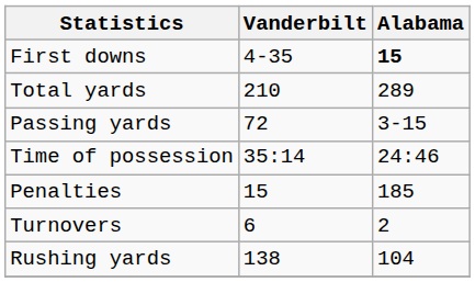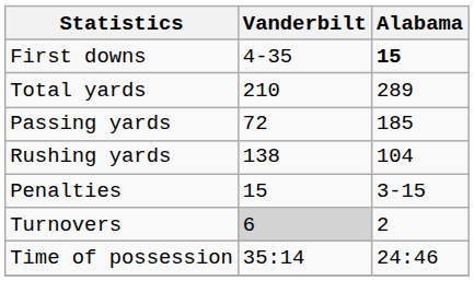 <table class="wikitable" style="float: left;">
 <tr>
 <th>Statistics</th>
 <th>Vanderbilt</th>
 <th>Alabama</th>
 </tr>
 <tr>
 <td>First downs</td>
 <td>4-35</td>
 <td><strong>15</strong></td>
 </tr>
 <tr>
 <td>Total yards</td>
 <td>210</td>
 <td>289</td>
 </tr>
 <tr>
 <td>Passing yards</td>
 <td>72</td>
+<td>185</td>
+</tr>
+<tr>
+<td>Rushing yards</td>
+<td>138</td>
+<td>104</td>
+</tr>
+<tr>
+<td>Penalties</td>
+<td>15</td>
 <td>3-15</td>
+</tr>
+<tr>
+<td>Turnovers</td>
+<td style="background: lightgrey;">6</td>
+<td>2</td>
 </tr>
 <tr>
 <td>Time of possession</td>
 <td>35:14</td>
 <td>24:46</td>
 </tr>
 <tr>
-<td>Penalties</td>
-<td>15</td>
-<td>185</td>
-</tr>
-<tr>
-<td>Turnovers</td>
-<td>6</td>
-<td>2</td>
-</tr>
-<tr>
-<td>Rushing yards</td>
-<td>138</td>
-<td>104</td>
-</tr>
-<tr>
 </tr>
 </table>
